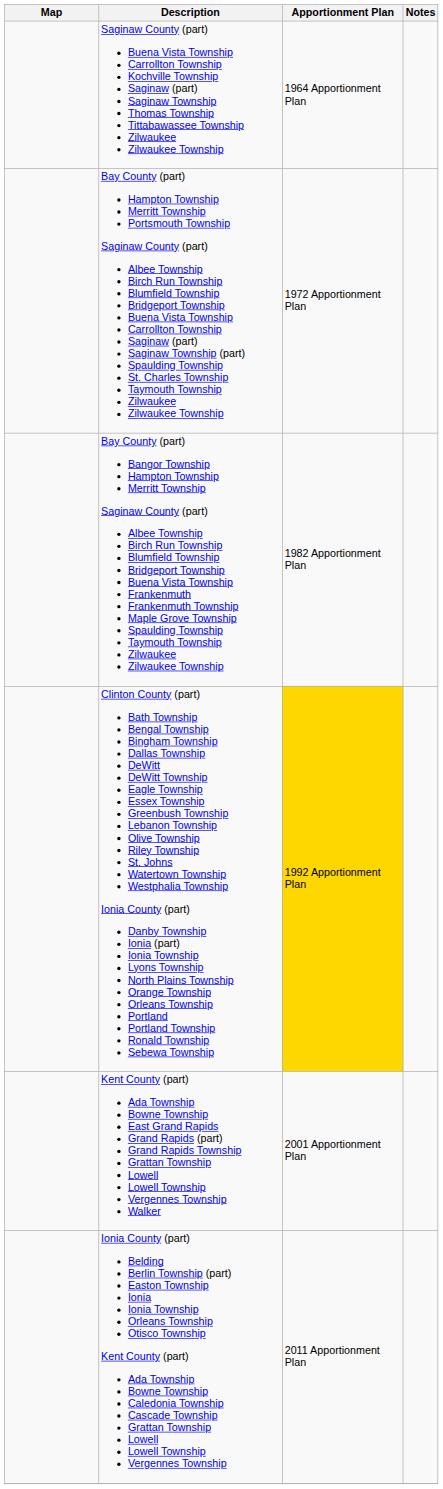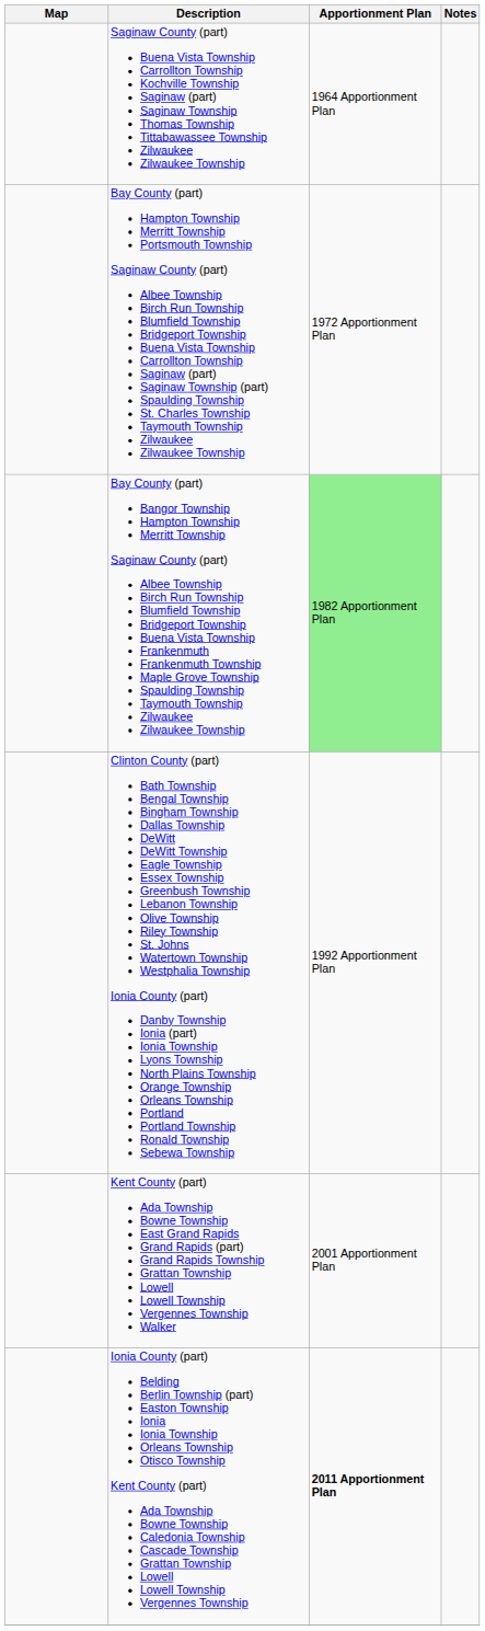 <table class="wikitable sortable">
 <tr>
 <th style="width:100pt;">Map</th>
 <th style="width:200pt;">Description</th>
 <th style="width:130pt;">Apportionment Plan</th>
 <th style="width:15pt;">Notes</th>
 </tr>
 <tr>
 <td></td>
 <td><a href='#'>Saginaw County</a> (part)<br><ul><li><a href='#'>Buena Vista Township</a></li><li><a href='#'>Carrollton Township</a></li><li><a href='#'>Kochville Township</a></li><li><a href='#'>Saginaw</a> (part)</li><li><a href='#'>Saginaw Township</a></li><li><a href='#'>Thomas Township</a></li><li><a href='#'>Tittabawassee Township</a></li><li><a href='#'>Zilwaukee</a></li><li><a href='#'>Zilwaukee Township</a></li></ul></td>
 <td>1964 Apportionment Plan</td>
 <td></td>
 </tr>
 <tr>
 <td></td>
 <td><a href='#'>Bay County</a> (part)<br><ul><li><a href='#'>Hampton Township</a></li><li><a href='#'>Merritt Township</a></li><li><a href='#'>Portsmouth Township</a></li></ul><a href='#'>Saginaw County</a> (part)<ul><li><a href='#'>Albee Township</a></li><li><a href='#'>Birch Run Township</a></li><li><a href='#'>Blumfield Township</a></li><li><a href='#'>Bridgeport Township</a></li><li><a href='#'>Buena Vista Township</a></li><li><a href='#'>Carrollton Township</a></li><li><a href='#'>Saginaw</a> (part)</li><li><a href='#'>Saginaw Township</a> (part)</li><li><a href='#'>Spaulding Township</a></li><li><a href='#'>St. Charles Township</a></li><li><a href='#'>Taymouth Township</a></li><li><a href='#'>Zilwaukee</a></li><li><a href='#'>Zilwaukee Township</a></li></ul></td>
 <td>1972 Apportionment Plan</td>
 <td></td>
 </tr>
 <tr>
 <td></td>
 <td><a href='#'>Bay County</a> (part)<br><ul><li><a href='#'>Bangor Township</a></li><li><a href='#'>Hampton Township</a></li><li><a href='#'>Merritt Township</a></li></ul><a href='#'>Saginaw County</a> (part)<ul><li><a href='#'>Albee Township</a></li><li><a href='#'>Birch Run Township</a></li><li><a href='#'>Blumfield Township</a></li><li><a href='#'>Bridgeport Township</a></li><li><a href='#'>Buena Vista Township</a></li><li><a href='#'>Frankenmuth</a></li><li><a href='#'>Frankenmuth Township</a></li><li><a href='#'>Maple Grove Township</a></li><li><a href='#'>Spaulding Township</a></li><li><a href='#'>Taymouth Township</a></li><li><a href='#'>Zilwaukee</a></li><li><a href='#'>Zilwaukee Township</a></li></ul></td>
-<td>1982 Apportionment Plan</td>
+<td style="background: lightgreen;">1982 Apportionment Plan</td>
 <td></td>
 </tr>
 <tr>
 <td></td>
 <td><a href='#'>Clinton County</a> (part)<br><ul><li><a href='#'>Bath Township</a></li><li><a href='#'>Bengal Township</a></li><li><a href='#'>Bingham Township</a></li><li><a href='#'>Dallas Township</a></li><li><a href='#'>DeWitt</a></li><li><a href='#'>DeWitt Township</a></li><li><a href='#'>Eagle Township</a></li><li><a href='#'>Essex Township</a></li><li><a href='#'>Greenbush Township</a></li><li><a href='#'>Lebanon Township</a></li><li><a href='#'>Olive Township</a></li><li><a href='#'>Riley Township</a></li><li><a href='#'>St. Johns</a></li><li><a href='#'>Watertown Township</a></li><li><a href='#'>Westphalia Township</a></li></ul><a href='#'>Ionia County</a> (part)<ul><li><a href='#'>Danby Township</a></li><li><a href='#'>Ionia</a> (part)</li><li><a href='#'>Ionia Township</a></li><li><a href='#'>Lyons Township</a></li><li><a href='#'>North Plains Township</a></li><li><a href='#'>Orange Township</a></li><li><a href='#'>Orleans Township</a></li><li><a href='#'>Portland</a></li><li><a href='#'>Portland Township</a></li><li><a href='#'>Ronald Township</a></li><li><a href='#'>Sebewa Township</a></li></ul></td>
-<td style="background: gold;">1992 Apportionment Plan</td>
+<td>1992 Apportionment Plan</td>
 <td></td>
 </tr>
 <tr>
 <td></td>
 <td><a href='#'>Kent County</a> (part)<br><ul><li><a href='#'>Ada Township</a></li><li><a href='#'>Bowne Township</a></li><li><a href='#'>East Grand Rapids</a></li><li><a href='#'>Grand Rapids</a> (part)</li><li><a href='#'>Grand Rapids Township</a></li><li><a href='#'>Grattan Township</a></li><li><a href='#'>Lowell</a></li><li><a href='#'>Lowell Township</a></li><li><a href='#'>Vergennes Township</a></li><li><a href='#'>Walker</a></li></ul></td>
 <td>2001 Apportionment Plan</td>
 <td></td>
 </tr>
 <tr>
 <td></td>
 <td><a href='#'>Ionia County</a> (part)<br><ul><li><a href='#'>Belding</a></li><li><a href='#'>Berlin Township</a> (part)</li><li><a href='#'>Easton Township</a></li><li><a href='#'>Ionia</a></li><li><a href='#'>Ionia Township</a></li><li><a href='#'>Orleans Township</a></li><li><a href='#'>Otisco Township</a></li></ul><a href='#'>Kent County</a> (part)<ul><li><a href='#'>Ada Township</a></li><li><a href='#'>Bowne Township</a></li><li><a href='#'>Caledonia Township</a></li><li><a href='#'>Cascade Township</a></li><li><a href='#'>Grattan Township</a></li><li><a href='#'>Lowell</a></li><li><a href='#'>Lowell Township</a></li><li><a href='#'>Vergennes Township</a></li></ul></td>
-<td>2011 Apportionment Plan</td>
+<td><strong>2011 Apportionment Plan</strong></td>
 <td></td>
 </tr>
 <tr>
 </tr>
 </table>
